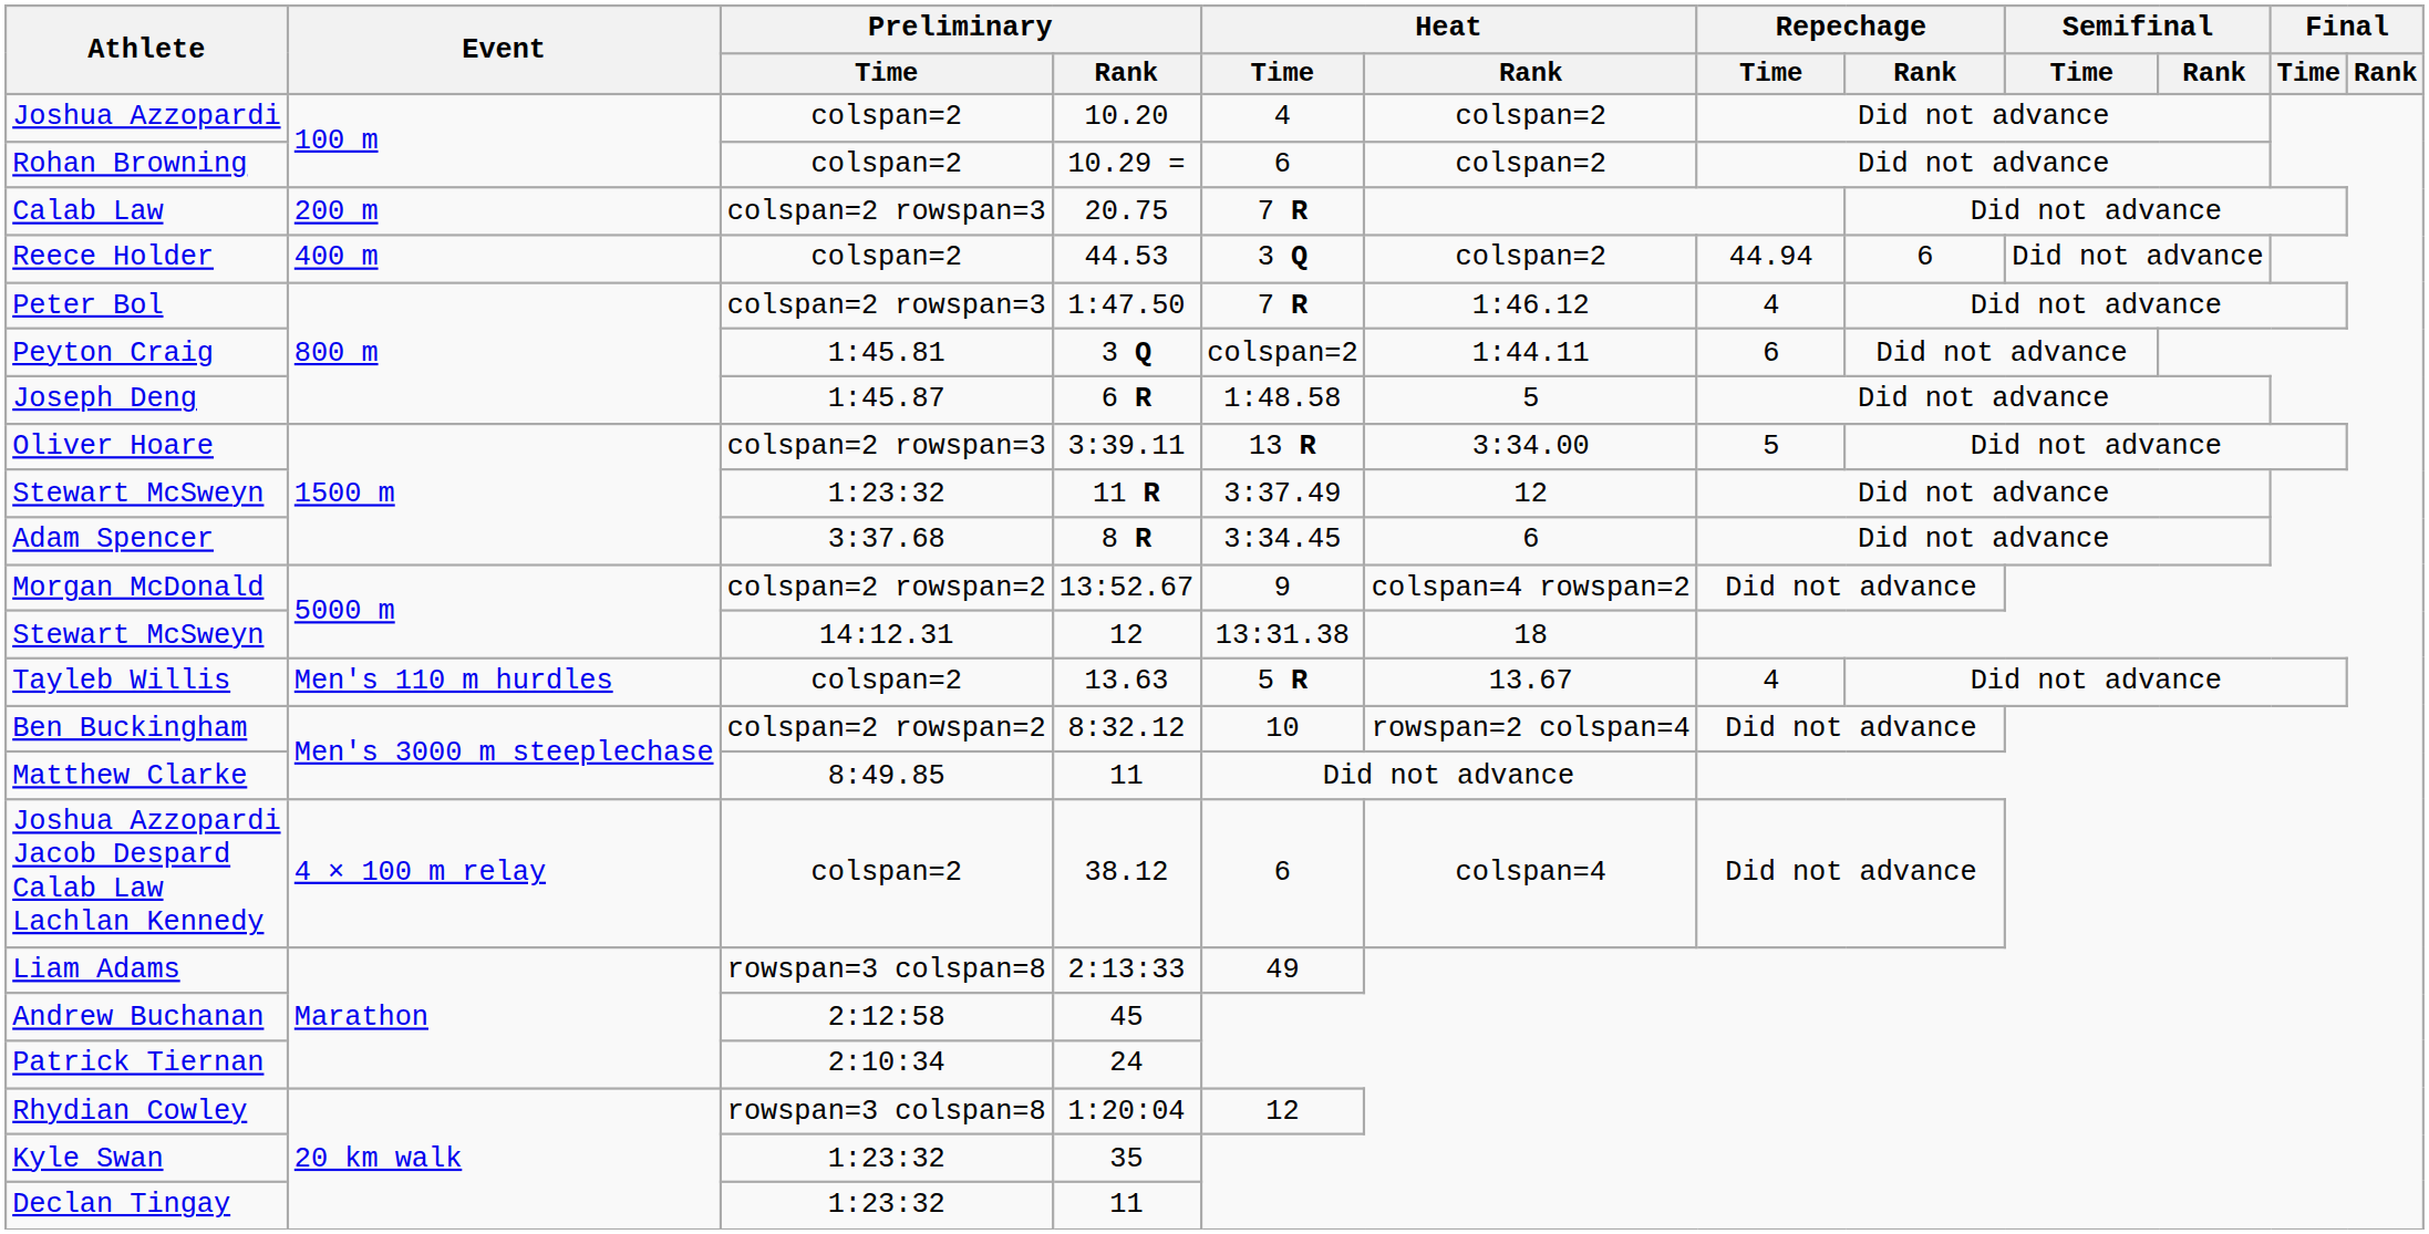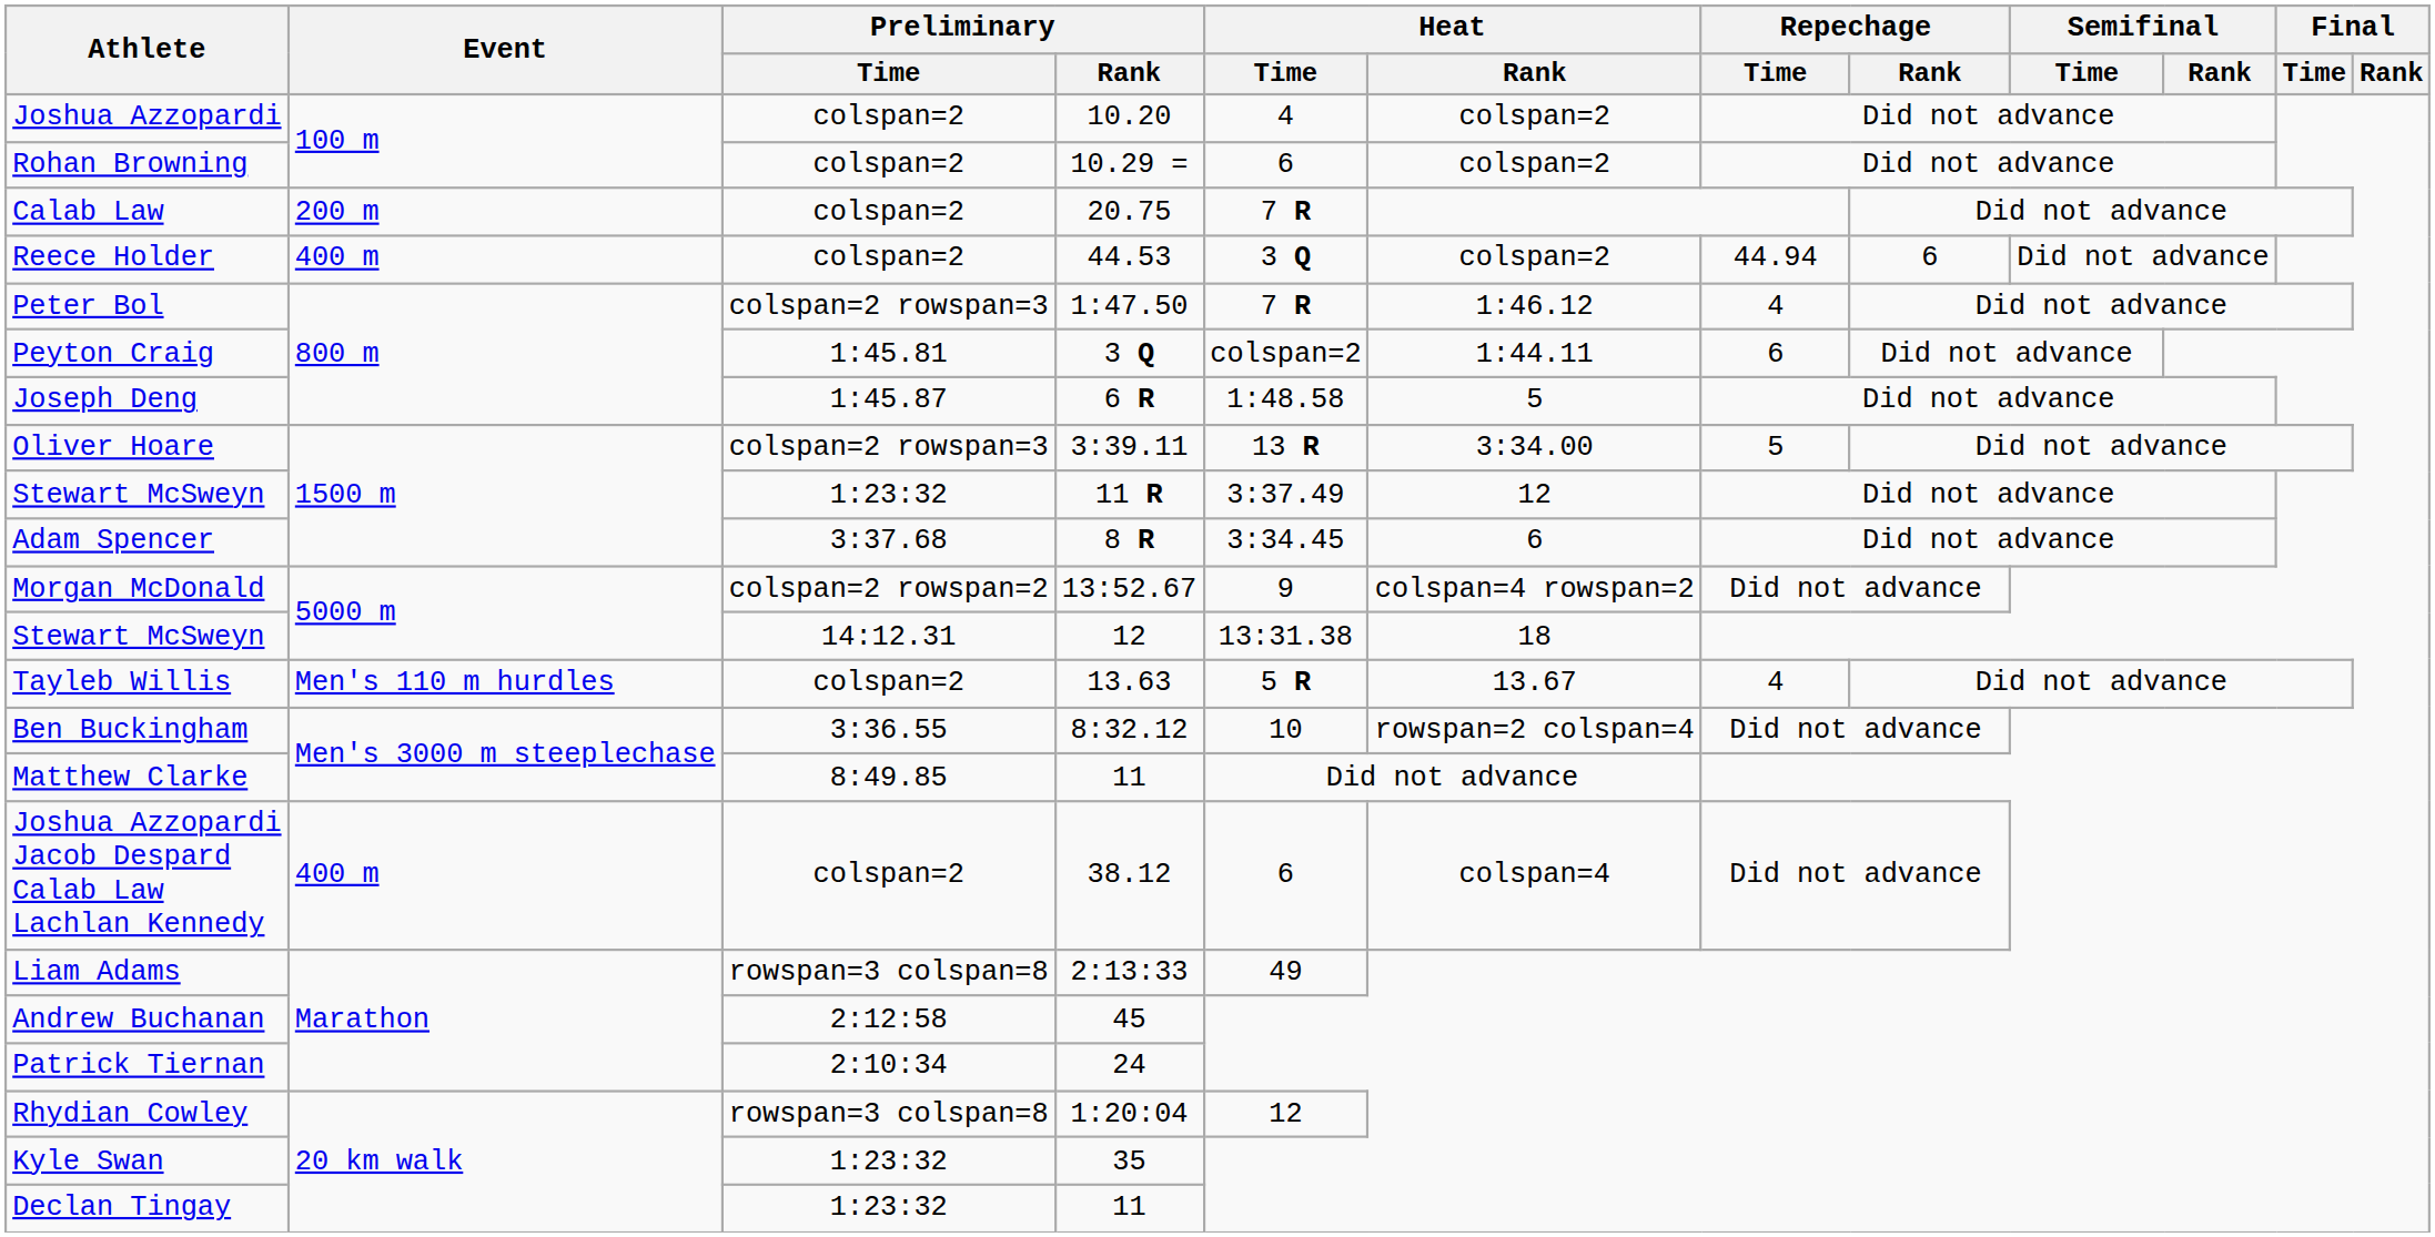 <table class=wikitable style=font-size:90%;text-align:center>
 <tr>
 <th rowspan=2>Athlete</th>
 <th rowspan=2>Event</th>
 <th colspan=2>Preliminary</th>
 <th colspan=2>Heat</th>
 <th colspan=2>Repechage</th>
 <th colspan=2>Semifinal</th>
 <th colspan=2>Final</th>
 </tr>
 <tr style=font-size:95%>
 <th>Time</th>
 <th>Rank</th>
 <th>Time</th>
 <th>Rank</th>
 <th>Time</th>
 <th>Rank</th>
 <th>Time</th>
 <th>Rank</th>
 <th>Time</th>
 <th>Rank</th>
 </tr>
 <tr>
 <td align=left><a href='#'>Joshua Azzopardi</a></td>
 <td align=left rowspan=2><a href='#'>100 m</a></td>
 <td>colspan=2 </td>
 <td>10.20</td>
 <td>4</td>
 <td>colspan=2 </td>
 <td colspan=4>Did not advance</td>
 </tr>
 <tr>
 <td align=left><a href='#'>Rohan Browning</a></td>
 <td>colspan=2 </td>
 <td>10.29 =</td>
 <td>6</td>
 <td>colspan=2 </td>
 <td colspan=4>Did not advance</td>
 </tr>
 <tr>
 <td align=left><a href='#'>Calab Law</a></td>
 <td align=left><a href='#'>200 m</a></td>
-<td>colspan=2 rowspan=3 </td>
+<td>colspan=2 </td>
 <td>20.75</td>
 <td>7 <strong>R</strong></td>
 <td colspan=2></td>
 <td colspan=4>Did not advance</td>
 </tr>
 <tr>
 <td align=left><a href='#'>Reece Holder</a></td>
 <td align=left><a href='#'>400 m</a></td>
 <td>colspan=2 </td>
 <td>44.53 </td>
 <td>3 <strong>Q</strong></td>
 <td>colspan=2 </td>
 <td>44.94</td>
 <td>6</td>
 <td colspan=2>Did not advance</td>
 </tr>
 <tr>
 <td align=left><a href='#'>Peter Bol</a></td>
 <td align=left rowspan=3><a href='#'>800 m</a></td>
 <td>colspan=2 rowspan=3 </td>
 <td>1:47.50</td>
 <td>7 <strong>R</strong></td>
 <td>1:46.12</td>
 <td>4</td>
 <td colspan=4>Did not advance</td>
 </tr>
 <tr>
 <td align=left><a href='#'>Peyton Craig</a></td>
 <td>1:45.81</td>
 <td>3 <strong>Q</strong></td>
 <td>colspan=2 </td>
 <td>1:44.11</td>
 <td>6</td>
 <td colspan=2>Did not advance</td>
 </tr>
 <tr>
 <td align=left><a href='#'>Joseph Deng</a></td>
 <td>1:45.87</td>
 <td>6 <strong>R</strong></td>
 <td>1:48.58</td>
 <td>5</td>
 <td colspan=4>Did not advance</td>
 </tr>
 <tr>
 <td align=left><a href='#'>Oliver Hoare</a></td>
 <td align=left rowspan=3><a href='#'>1500 m</a></td>
 <td>colspan=2 rowspan=3 </td>
 <td>3:39.11</td>
 <td>13 <strong>R</strong></td>
 <td>3:34.00</td>
 <td>5</td>
 <td colspan=4>Did not advance</td>
 </tr>
 <tr>
 <td align=left><a href='#'>Stewart McSweyn</a></td>
 <td>1:23:32</td>
 <td>11 <strong>R</strong></td>
 <td>3:37.49</td>
 <td>12</td>
 <td colspan=4>Did not advance</td>
 </tr>
 <tr>
 <td align=left><a href='#'>Adam Spencer</a></td>
 <td>3:37.68</td>
 <td>8 <strong>R</strong></td>
 <td>3:34.45 </td>
 <td>6</td>
 <td colspan=4>Did not advance</td>
 </tr>
 <tr>
 <td align=left><a href='#'>Morgan McDonald</a></td>
 <td align=left rowspan=2><a href='#'>5000 m</a></td>
 <td>colspan=2 rowspan=2 </td>
 <td>13:52.67</td>
 <td>9</td>
 <td>colspan=4 rowspan=2 </td>
 <td colspan=2>Did not advance</td>
 </tr>
 <tr>
 <td align=left><a href='#'>Stewart McSweyn</a></td>
 <td>14:12.31</td>
 <td>12 <strong></strong></td>
 <td>13:31.38</td>
 <td>18</td>
 </tr>
 <tr>
 <td align=left><a href='#'>Tayleb Willis</a></td>
 <td align=left><a href='#'>Men's 110 m hurdles</a></td>
 <td>colspan=2 </td>
 <td>13.63</td>
 <td>5 <strong>R</strong></td>
 <td>13.67</td>
 <td>4</td>
 <td colspan=4>Did not advance</td>
 </tr>
 <tr>
 <td align=left><a href='#'>Ben Buckingham</a></td>
 <td align=left rowspan=2><a href='#'>Men's 3000 m steeplechase</a></td>
-<td>colspan=2 rowspan=2 </td>
+<td>3:36.55</td>
 <td>8:32.12</td>
 <td>10</td>
 <td>rowspan=2 colspan=4 </td>
 <td colspan=2>Did not advance</td>
 </tr>
 <tr>
 <td align=left><a href='#'>Matthew Clarke</a></td>
 <td>8:49.85</td>
 <td>11</td>
 <td colspan=2>Did not advance</td>
 </tr>
 <tr>
 <td align=left><a href='#'>Joshua Azzopardi</a> <br> <a href='#'>Jacob Despard</a> <br> <a href='#'>Calab Law</a> <br> <a href='#'>Lachlan Kennedy</a></td>
-<td align=left><a href='#'>4 × 100 m relay</a></td>
+<td align=left><a href='#'>400 m</a></td>
 <td>colspan=2 </td>
 <td>38.12 <strong></strong></td>
 <td>6</td>
 <td>colspan=4 </td>
 <td colspan=2>Did not advance</td>
 </tr>
 <tr>
 <td align=left><a href='#'>Liam Adams</a></td>
 <td align=left rowspan=3><a href='#'>Marathon</a></td>
 <td>rowspan=3 colspan=8 </td>
 <td>2:13:33</td>
 <td>49</td>
 </tr>
 <tr>
 <td align=left><a href='#'>Andrew Buchanan</a></td>
 <td>2:12:58</td>
 <td>45</td>
 </tr>
 <tr>
 <td align=left><a href='#'>Patrick Tiernan</a></td>
 <td>2:10:34</td>
 <td>24</td>
 </tr>
 <tr>
 <td align=left><a href='#'>Rhydian Cowley</a></td>
 <td align=left rowspan=3><a href='#'>20 km walk</a></td>
 <td>rowspan=3 colspan=8 </td>
 <td>1:20:04</td>
 <td>12</td>
 </tr>
 <tr>
 <td align=left><a href='#'>Kyle Swan</a></td>
 <td>1:23:32</td>
 <td>35</td>
 </tr>
 <tr>
 <td align=left><a href='#'>Declan Tingay</a></td>
 <td>1:23:32</td>
 <td>11</td>
 </tr>
 </table>
